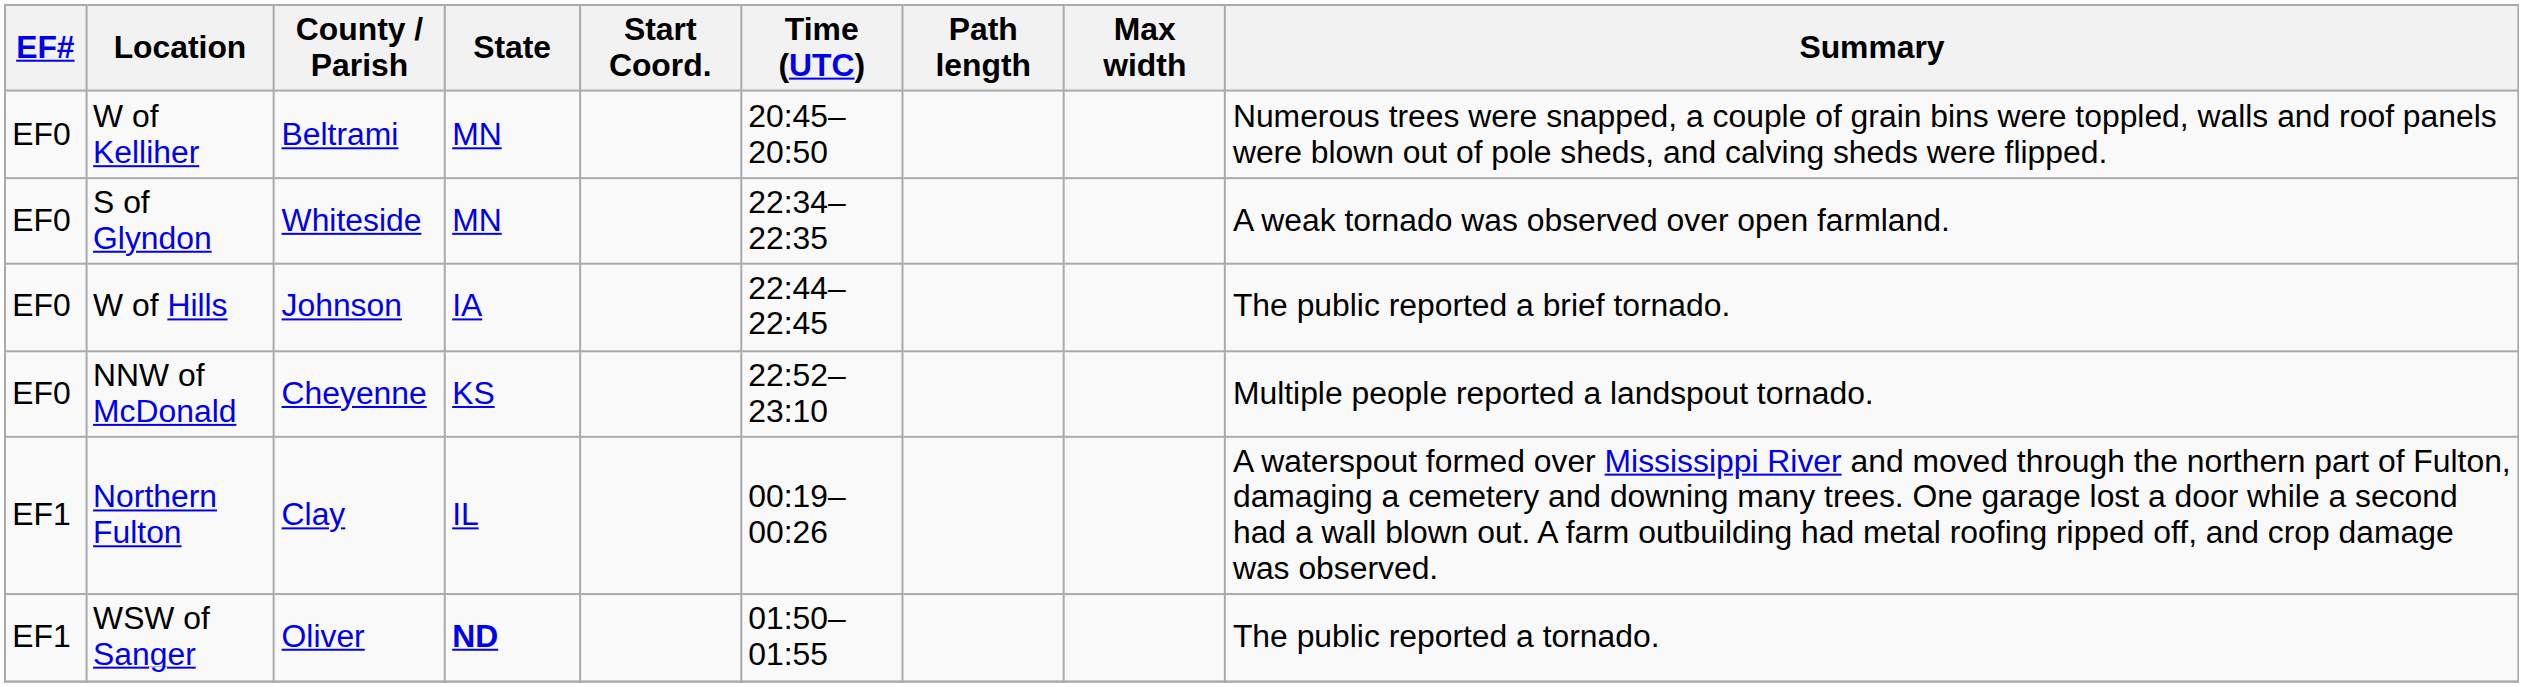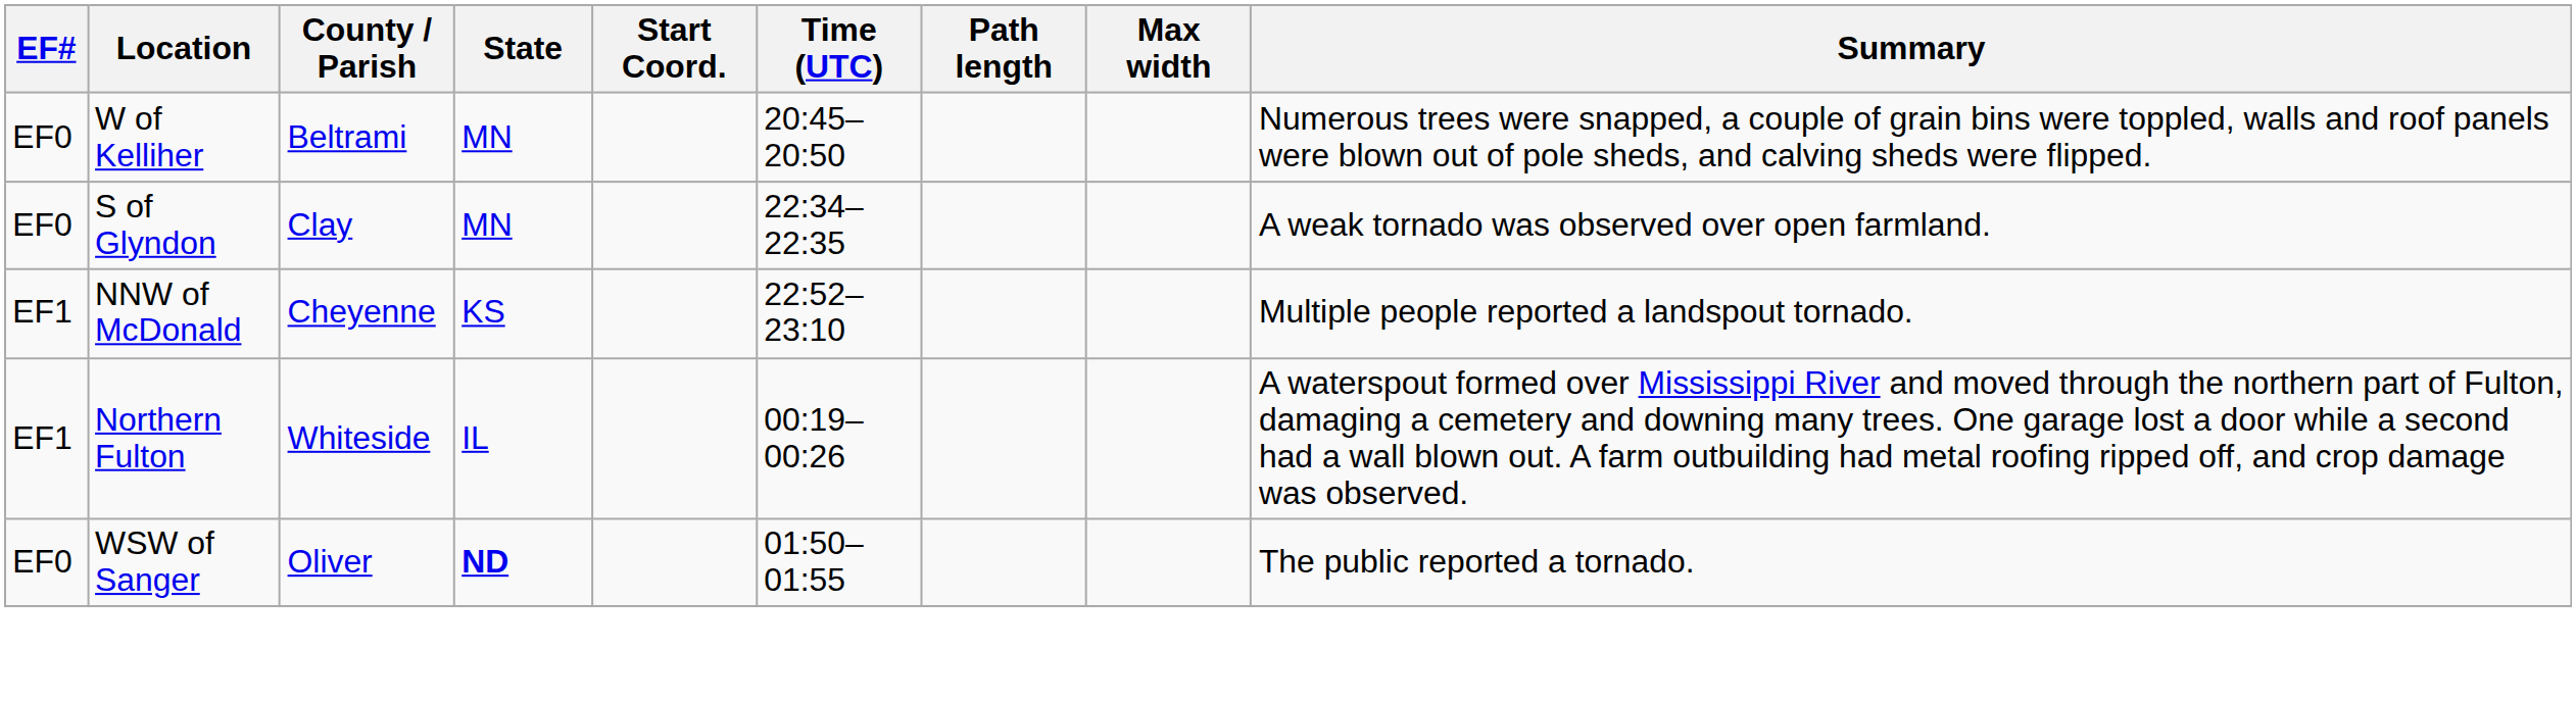 <table class="wikitable sortable" style="width:100%;">
 <tr>
 <th scope="col"  style="width:3%; text-align:center;"><a href='#'>EF#</a></th>
 <th scope="col"  style="width:7%; text-align:center;" class="unsortable">Location</th>
 <th scope="col"  style="width:6%; text-align:center;" class="unsortable">County / Parish</th>
 <th scope="col"  style="width:5%; text-align:center;">State</th>
 <th scope="col"  style="width:6%; text-align:center;">Start Coord.</th>
 <th scope="col"  style="width:6%; text-align:center;">Time (<a href='#'>UTC</a>)</th>
 <th scope="col"  style="width:6%; text-align:center;">Path length</th>
 <th scope="col"  style="width:6%; text-align:center;">Max width</th>
 <th scope="col" class="unsortable" style="width:48%; text-align:center;">Summary</th>
 </tr>
 <tr>
 <td>EF0</td>
 <td>W of <a href='#'>Kelliher</a></td>
 <td><a href='#'>Beltrami</a></td>
 <td><a href='#'>MN</a></td>
 <td></td>
 <td>20:45–20:50</td>
 <td></td>
 <td></td>
 <td>Numerous trees were snapped, a couple of grain bins were toppled, walls and roof panels were blown out of pole sheds, and calving sheds were flipped.</td>
 </tr>
 <tr>
 <td>EF0</td>
 <td>S of <a href='#'>Glyndon</a></td>
-<td><a href='#'>Whiteside</a></td>
+<td><a href='#'>Clay</a></td>
 <td><a href='#'>MN</a></td>
 <td></td>
 <td>22:34–22:35</td>
 <td></td>
 <td></td>
 <td>A weak tornado was observed over open farmland.</td>
 </tr>
 <tr>
-<td>EF0</td>
-<td>W of <a href='#'>Hills</a></td>
-<td><a href='#'>Johnson</a></td>
-<td><a href='#'>IA</a></td>
-<td></td>
-<td>22:44–22:45</td>
-<td></td>
-<td></td>
-<td>The public reported a brief tornado.</td>
-</tr>
-<tr>
-<td>EF0</td>
+<td>EF1</td>
 <td>NNW of <a href='#'>McDonald</a></td>
 <td><a href='#'>Cheyenne</a></td>
 <td><a href='#'>KS</a></td>
 <td></td>
 <td>22:52–23:10</td>
 <td></td>
 <td></td>
 <td>Multiple people reported a landspout tornado.</td>
 </tr>
 <tr>
 <td>EF1</td>
 <td><a href='#'>Northern Fulton</a></td>
-<td><a href='#'>Clay</a></td>
+<td><a href='#'>Whiteside</a></td>
 <td><a href='#'>IL</a></td>
 <td></td>
 <td>00:19–00:26</td>
 <td></td>
 <td></td>
 <td>A waterspout formed over <a href='#'>Mississippi River</a> and moved through the northern part of Fulton, damaging a cemetery and downing many trees. One garage lost a door while a second had a wall blown out. A farm outbuilding had metal roofing ripped off, and crop damage was observed.</td>
 </tr>
 <tr>
-<td>EF1</td>
+<td>EF0</td>
 <td>WSW of <a href='#'>Sanger</a></td>
 <td><a href='#'>Oliver</a></td>
 <td><strong><a href='#'>ND</a></strong></td>
 <td></td>
 <td>01:50–01:55</td>
 <td></td>
 <td></td>
 <td>The public reported a tornado.</td>
 </tr>
 <tr>
 </tr>
 </table>
